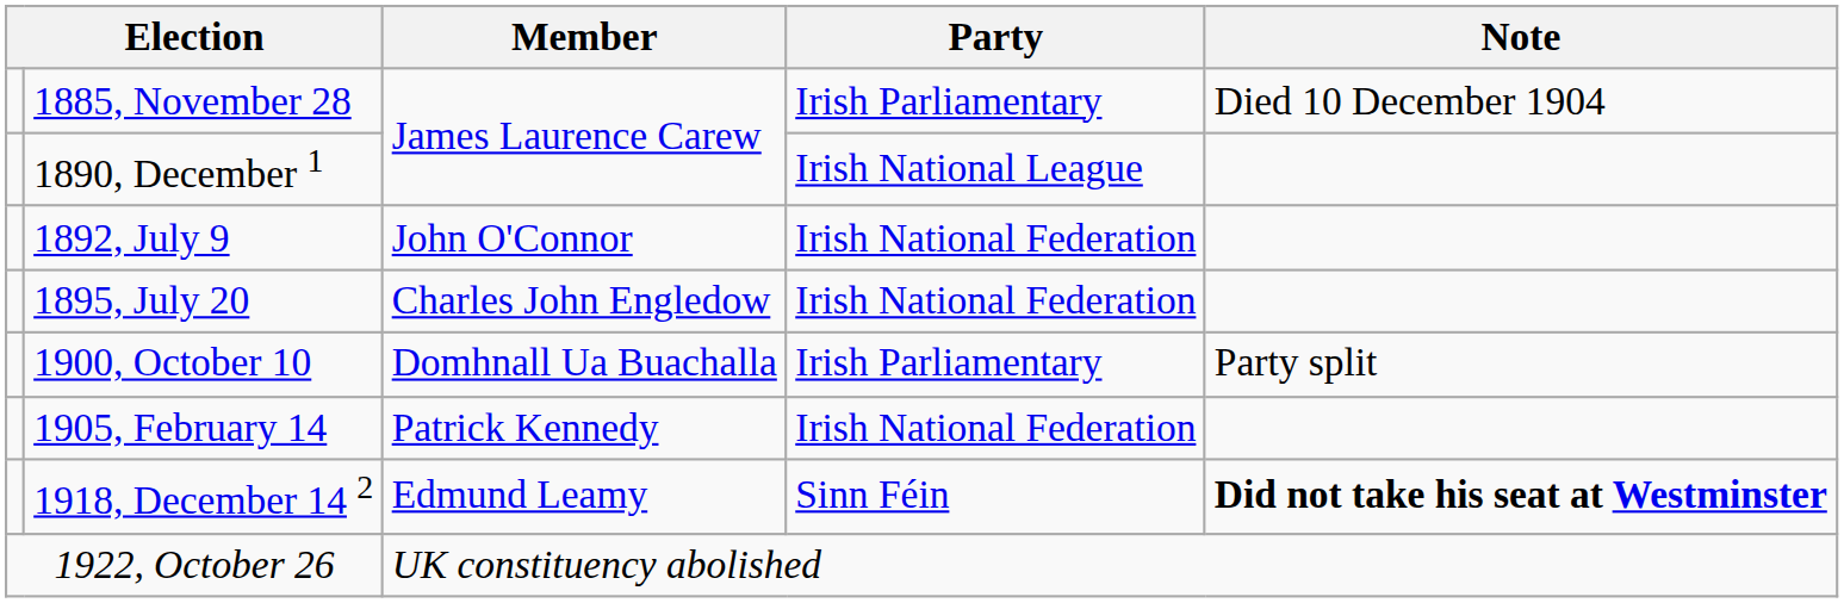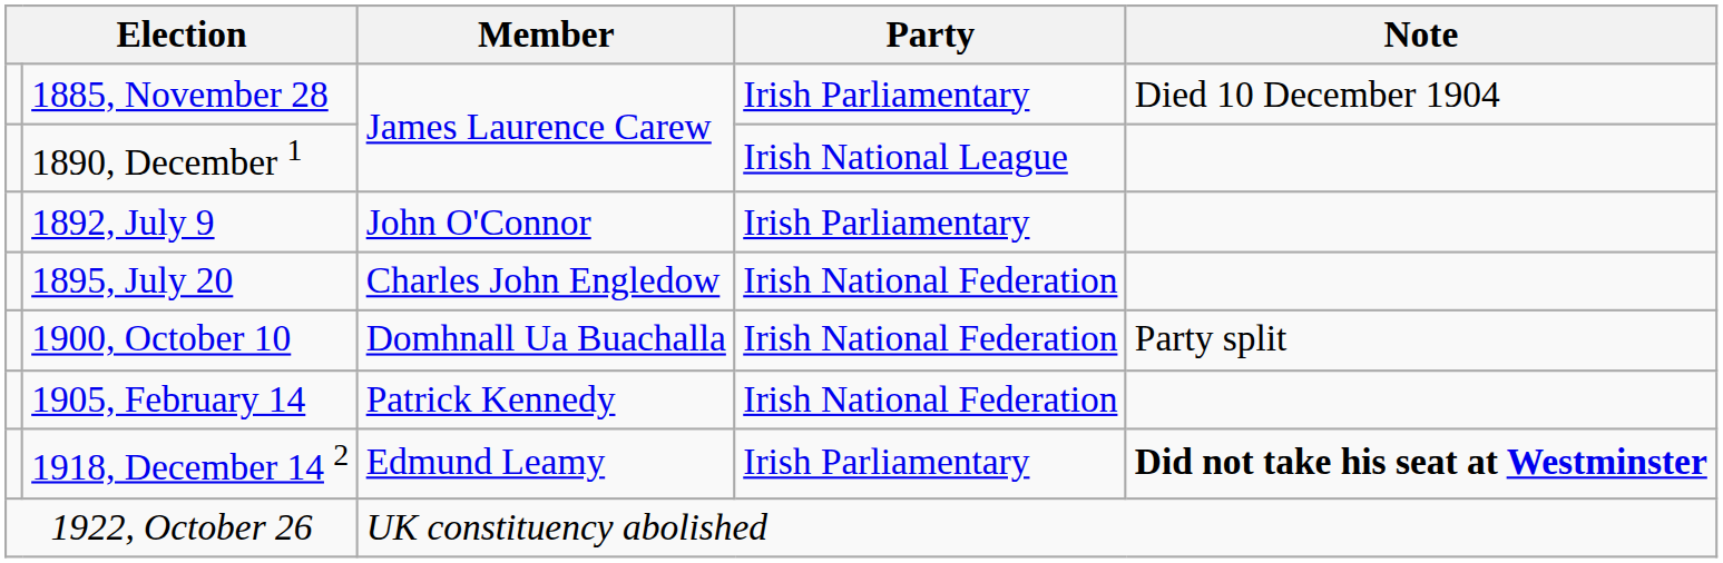 <table class="wikitable">
 <tr>
 <th colspan="2">Election</th>
 <th>Member</th>
 <th>Party</th>
 <th>Note</th>
 </tr>
 <tr>
 <td style="color:inherit;background-color: "></td>
 <td><a href='#'>1885, November 28</a></td>
 <td rowspan="2"><a href='#'>James Laurence Carew</a></td>
 <td><a href='#'>Irish Parliamentary</a></td>
 <td>Died 10 December 1904</td>
 </tr>
 <tr>
 <td style="color:inherit;background-color: "></td>
 <td>1890, December <sup>1</sup></td>
 <td><a href='#'>Irish National League</a></td>
 <td></td>
 </tr>
 <tr>
 <td style="color:inherit;background-color: "></td>
 <td><a href='#'>1892, July 9</a></td>
 <td><a href='#'>John O'Connor</a></td>
-<td><a href='#'>Irish National Federation</a></td>
+<td><a href='#'>Irish Parliamentary</a></td>
 <td></td>
 </tr>
 <tr>
 <td style="color:inherit;background-color: "></td>
 <td><a href='#'>1895, July 20</a></td>
 <td><a href='#'>Charles John Engledow</a></td>
 <td><a href='#'>Irish National Federation</a></td>
 <td></td>
 </tr>
 <tr>
 <td style="color:inherit;background-color: "></td>
 <td><a href='#'>1900, October 10</a></td>
 <td><a href='#'>Domhnall Ua Buachalla</a></td>
-<td><a href='#'>Irish Parliamentary</a></td>
+<td><a href='#'>Irish National Federation</a></td>
 <td>Party split</td>
 </tr>
 <tr>
 <td style="color:inherit;background-color: "></td>
 <td><a href='#'>1905, February 14</a></td>
 <td><a href='#'>Patrick Kennedy</a></td>
 <td><a href='#'>Irish National Federation</a></td>
 <td></td>
 </tr>
 <tr>
 <td style="color:inherit;background-color: "></td>
 <td><a href='#'>1918, December 14</a> <sup>2</sup></td>
 <td><a href='#'>Edmund Leamy</a></td>
-<td><a href='#'>Sinn Féin</a></td>
+<td><a href='#'>Irish Parliamentary</a></td>
 <td><strong>Did not take his seat at <a href='#'>Westminster</a></strong></td>
 </tr>
 <tr>
 <td colspan="2" align="center"><em>1922, October 26</em></td>
 <td colspan="3"><em>UK constituency abolished</em></td>
 </tr>
 </table>
